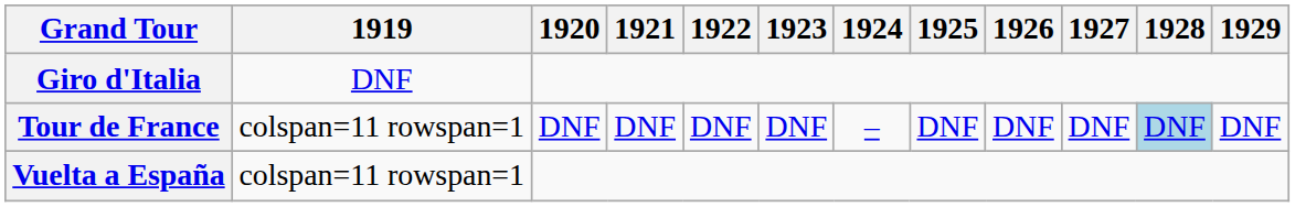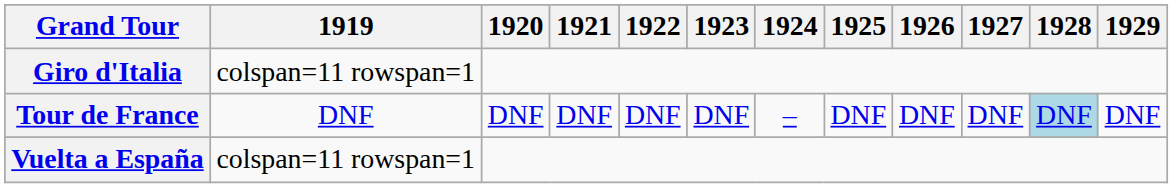 <table class="wikitable plainrowheaders">
 <tr>
 <th scope="col"><a href='#'>Grand Tour</a></th>
 <th scope="col">1919</th>
 <th scope="col">1920</th>
 <th scope="col">1921</th>
 <th scope="col">1922</th>
 <th scope="col">1923</th>
 <th scope="col">1924</th>
 <th scope="col">1925</th>
 <th scope="col">1926</th>
 <th scope="col">1927</th>
 <th scope="col">1928</th>
 <th scope="col">1929</th>
 </tr>
 <tr style="text-align:center;">
 <th scope="row"> <a href='#'>Giro d'Italia</a></th>
-<td style="text-align:center;"><a href='#'>DNF</a></td>
+<td>colspan=11 rowspan=1 </td>
 </tr>
 <tr style="text-align:center;">
 <th scope="row"> <a href='#'>Tour de France</a></th>
-<td>colspan=11 rowspan=1 </td>
+<td style="text-align:center;"><a href='#'>DNF</a></td>
 <td style="text-align:center;"><a href='#'>DNF</a></td>
 <td style="text-align:center;"><a href='#'>DNF</a></td>
 <td style="text-align:center;"><a href='#'>DNF</a></td>
 <td style="text-align:center;"><a href='#'>DNF</a></td>
 <td style="text-align:center;"><a href='#'>–</a></td>
 <td style="text-align:center;"><a href='#'>DNF</a></td>
 <td style="text-align:center;"><a href='#'>DNF</a></td>
 <td style="text-align:center;"><a href='#'>DNF</a></td>
 <td style="background: lightblue; text-align:center;"><a href='#'>DNF</a></td>
 <td style="text-align:center;"><a href='#'>DNF</a></td>
 </tr>
 <tr style="text-align:center;">
 <th scope="row"> <a href='#'>Vuelta a España</a></th>
 <td>colspan=11 rowspan=1 </td>
 </tr>
 </table>
